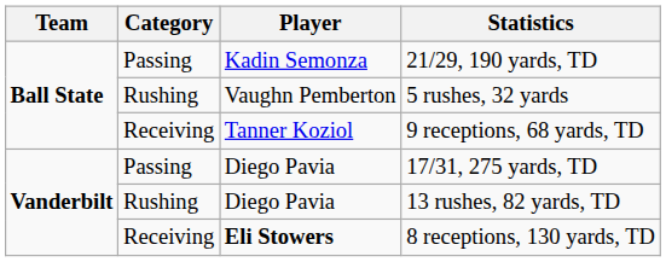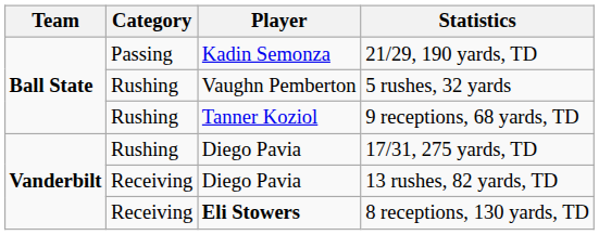 <table class="wikitable" style="float: right;">
 <tr>
 <th>Team</th>
 <th>Category</th>
 <th>Player</th>
 <th>Statistics</th>
 </tr>
 <tr>
 <td rowspan=3><strong>Ball State</strong></td>
 <td>Passing</td>
 <td><a href='#'>Kadin Semonza</a></td>
 <td>21/29, 190 yards, TD</td>
 </tr>
 <tr>
 <td>Rushing</td>
 <td>Vaughn Pemberton</td>
 <td>5 rushes, 32 yards</td>
 </tr>
 <tr>
-<td>Receiving</td>
+<td>Rushing</td>
 <td><a href='#'>Tanner Koziol</a></td>
 <td>9 receptions, 68 yards, TD</td>
 </tr>
 <tr>
 <td rowspan=3><strong>Vanderbilt</strong></td>
-<td>Passing</td>
+<td>Rushing</td>
 <td>Diego Pavia</td>
 <td>17/31, 275 yards, TD</td>
 </tr>
 <tr>
-<td>Rushing</td>
+<td>Receiving</td>
 <td>Diego Pavia</td>
 <td>13 rushes, 82 yards, TD</td>
 </tr>
 <tr>
 <td>Receiving</td>
 <td><strong>Eli Stowers</strong></td>
 <td>8 receptions, 130 yards, TD</td>
 </tr>
 </table>
